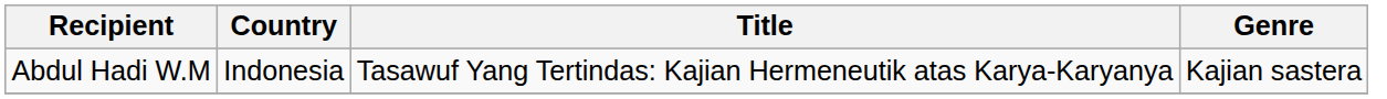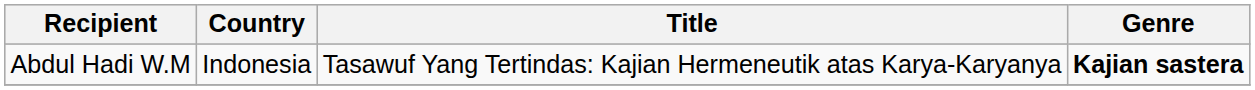 <table class="wikitable" style="text-align:left">
 <tr>
 <th>Recipient</th>
 <th>Country</th>
 <th>Title</th>
 <th>Genre</th>
 </tr>
 <tr>
 <td>Abdul Hadi W.M</td>
 <td>Indonesia</td>
 <td>Tasawuf Yang Tertindas: Kajian Hermeneutik atas Karya-Karyanya</td>
-<td>Kajian sastera</td>
+<td><strong>Kajian sastera</strong></td>
 </tr>
 <tr>
 </tr>
 </table>
